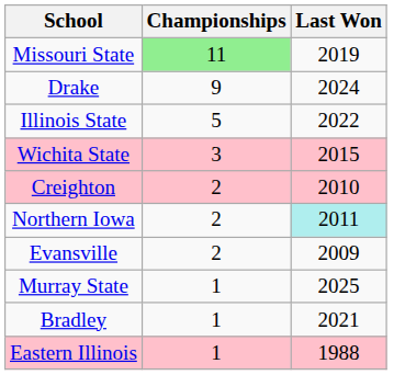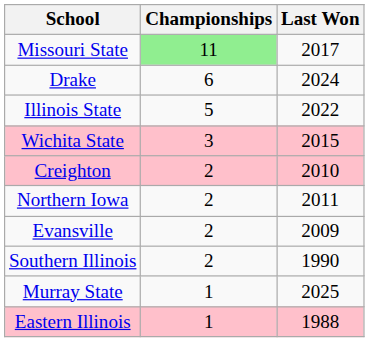 <table class="wikitable sortable" style="text-align:center">
 <tr>
 <th width=px>School</th>
 <th width=px>Championships</th>
 <th width=px>Last Won</th>
 </tr>
 <tr>
 <td><a href='#'>Missouri State</a></td>
 <td style="background: lightgreen;">11</td>
-<td>2019</td>
+<td>2017</td>
 </tr>
 <tr>
 <td><a href='#'>Drake</a></td>
-<td>9</td>
+<td>6</td>
 <td>2024</td>
 </tr>
 <tr>
 <td><a href='#'>Illinois State</a></td>
 <td>5</td>
 <td>2022</td>
 </tr>
 <tr bgcolor=pink>
 <td><a href='#'>Wichita State</a></td>
 <td>3</td>
 <td>2015</td>
 </tr>
 <tr bgcolor=pink>
 <td><a href='#'>Creighton</a></td>
 <td>2</td>
 <td>2010</td>
 </tr>
 <tr>
 <td><a href='#'>Northern Iowa</a></td>
 <td>2</td>
-<td style="background: paleturquoise;">2011</td>
+<td>2011</td>
 </tr>
 <tr>
 <td><a href='#'>Evansville</a></td>
 <td>2</td>
 <td>2009</td>
 </tr>
 <tr>
+<td><a href='#'>Southern Illinois</a></td>
+<td>2</td>
+<td>1990</td>
+</tr>
+<tr>
 <td><a href='#'>Murray State</a></td>
 <td>1</td>
 <td>2025</td>
-</tr>
-<tr>
-<td><a href='#'>Bradley</a></td>
-<td>1</td>
-<td>2021</td>
 </tr>
 <tr bgcolor=pink>
 <td><a href='#'>Eastern Illinois</a></td>
 <td>1</td>
 <td>1988</td>
 </tr>
 </table>
